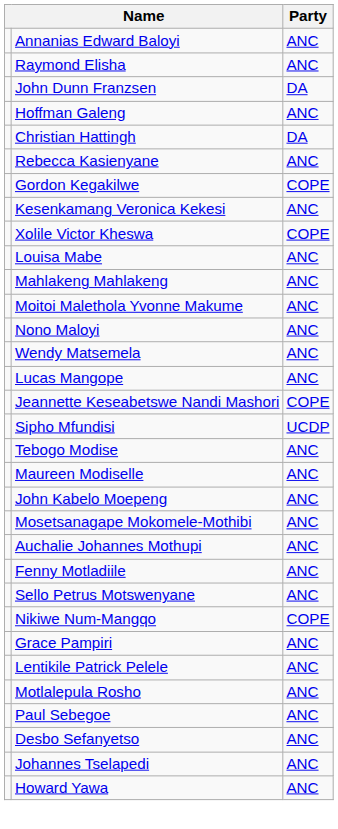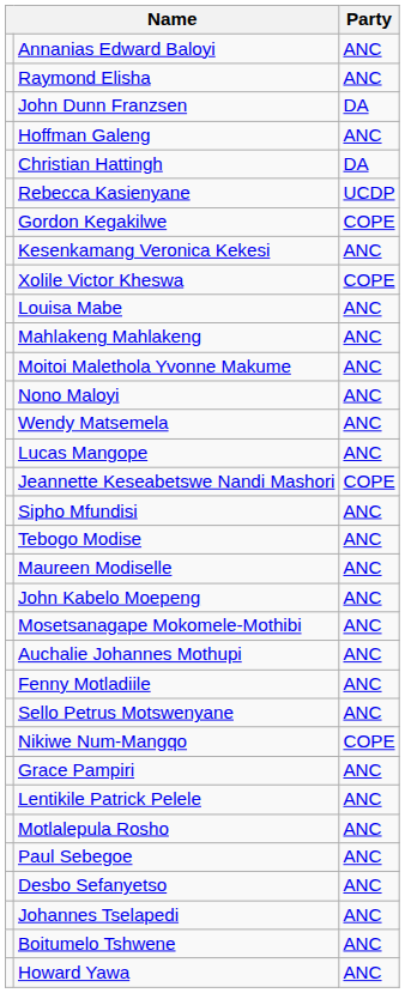 <table class="wikitable sortable">
 <tr>
 <th colspan="2">Name</th>
 <th>Party</th>
 </tr>
 <tr>
 <td style="background-color: "></td>
 <td><a href='#'>Annanias Edward Baloyi</a></td>
 <td><a href='#'>ANC</a></td>
 </tr>
 <tr>
 <td style="background-color: "></td>
 <td><a href='#'>Raymond Elisha</a></td>
 <td><a href='#'>ANC</a></td>
 </tr>
 <tr>
 <td></td>
 <td><a href='#'>John Dunn Franzsen</a></td>
 <td><a href='#'>DA</a></td>
 </tr>
 <tr>
 <td style="background-color: "></td>
 <td><a href='#'>Hoffman Galeng</a></td>
 <td><a href='#'>ANC</a></td>
 </tr>
 <tr>
 <td></td>
 <td><a href='#'>Christian Hattingh</a></td>
 <td><a href='#'>DA</a></td>
 </tr>
 <tr>
 <td style="background-color: "></td>
 <td><a href='#'>Rebecca Kasienyane</a></td>
-<td><a href='#'>ANC</a></td>
+<td><a href='#'>UCDP</a></td>
 </tr>
 <tr>
 <td style="background-color: "></td>
 <td><a href='#'>Gordon Kegakilwe</a></td>
 <td><a href='#'>COPE</a></td>
 </tr>
 <tr>
 <td style="background-color: "></td>
 <td><a href='#'>Kesenkamang Veronica Kekesi</a></td>
 <td><a href='#'>ANC</a></td>
 </tr>
 <tr>
 <td></td>
 <td><a href='#'>Xolile Victor Kheswa</a></td>
 <td><a href='#'>COPE</a></td>
 </tr>
 <tr>
 <td style="background-color: "></td>
 <td><a href='#'>Louisa Mabe</a></td>
 <td><a href='#'>ANC</a></td>
 </tr>
 <tr>
 <td style="background-color: "></td>
 <td><a href='#'>Mahlakeng Mahlakeng</a></td>
 <td><a href='#'>ANC</a></td>
 </tr>
 <tr>
 <td style="background-color: "></td>
 <td><a href='#'>Moitoi Malethola Yvonne Makume</a></td>
 <td><a href='#'>ANC</a></td>
 </tr>
 <tr>
 <td style="background-color: "></td>
 <td><a href='#'>Nono Maloyi</a></td>
 <td><a href='#'>ANC</a></td>
 </tr>
 <tr>
 <td style="background-color: "></td>
 <td><a href='#'>Wendy Matsemela</a></td>
 <td><a href='#'>ANC</a></td>
 </tr>
 <tr>
 <td></td>
 <td><a href='#'>Lucas Mangope</a></td>
 <td><a href='#'>ANC</a></td>
 </tr>
 <tr>
 <td></td>
 <td><a href='#'>Jeannette Keseabetswe Nandi Mashori</a></td>
 <td><a href='#'>COPE</a></td>
 </tr>
 <tr>
 <td></td>
 <td><a href='#'>Sipho Mfundisi</a></td>
-<td><a href='#'>UCDP</a></td>
+<td><a href='#'>ANC</a></td>
 </tr>
 <tr>
 <td style="background-color: "></td>
 <td><a href='#'>Tebogo Modise</a></td>
 <td><a href='#'>ANC</a></td>
 </tr>
 <tr>
 <td style="background-color: "></td>
 <td><a href='#'>Maureen Modiselle</a></td>
 <td><a href='#'>ANC</a></td>
 </tr>
 <tr>
 <td style="background-color: "></td>
 <td><a href='#'>John Kabelo Moepeng</a></td>
 <td><a href='#'>ANC</a></td>
 </tr>
 <tr>
 <td style="background-color: "></td>
 <td><a href='#'>Mosetsanagape Mokomele-Mothibi</a></td>
 <td><a href='#'>ANC</a></td>
 </tr>
 <tr>
 <td style="background-color: "></td>
 <td><a href='#'>Auchalie Johannes Mothupi</a></td>
 <td><a href='#'>ANC</a></td>
 </tr>
 <tr>
 <td style="background-color: "></td>
 <td><a href='#'>Fenny Motladiile</a></td>
 <td><a href='#'>ANC</a></td>
 </tr>
 <tr>
 <td></td>
 <td><a href='#'>Sello Petrus Motswenyane</a></td>
 <td><a href='#'>ANC</a></td>
 </tr>
 <tr>
 <td></td>
 <td><a href='#'>Nikiwe Num-Mangqo</a></td>
 <td><a href='#'>COPE</a></td>
 </tr>
 <tr>
 <td style="background-color: "></td>
 <td><a href='#'>Grace Pampiri</a></td>
 <td><a href='#'>ANC</a></td>
 </tr>
 <tr>
 <td style="background-color: "></td>
 <td><a href='#'>Lentikile Patrick Pelele</a></td>
 <td><a href='#'>ANC</a></td>
 </tr>
 <tr>
 <td style="background-color: "></td>
 <td><a href='#'>Motlalepula Rosho</a></td>
 <td><a href='#'>ANC</a></td>
 </tr>
 <tr>
 <td style="background-color: "></td>
 <td><a href='#'>Paul Sebegoe</a></td>
 <td><a href='#'>ANC</a></td>
 </tr>
 <tr>
 <td style="background-color: "></td>
 <td><a href='#'>Desbo Sefanyetso</a></td>
 <td><a href='#'>ANC</a></td>
 </tr>
 <tr>
 <td style="background-color: "></td>
 <td><a href='#'>Johannes Tselapedi</a></td>
 <td><a href='#'>ANC</a></td>
 </tr>
 <tr>
 <td style="background-color: "></td>
+<td><a href='#'>Boitumelo Tshwene</a></td>
+<td><a href='#'>ANC</a></td>
+</tr>
+<tr>
+<td style="background-color: "></td>
 <td><a href='#'>Howard Yawa</a></td>
 <td><a href='#'>ANC</a></td>
 </tr>
 </table>
